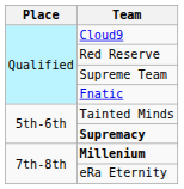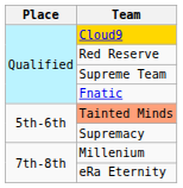 <table class="wikitable" style="text-align:left">
 <tr>
 <th>Place</th>
 <th>Team</th>
 </tr>
 <tr>
 <td style="text-align:center; background:#BBF3FF;" rowspan="4">Qualified</td>
-<td><a href='#'>Cloud9</a></td>
+<td style="background: gold;"><a href='#'>Cloud9</a></td>
 </tr>
 <tr>
 <td>Red Reserve</td>
 </tr>
 <tr>
 <td>Supreme Team</td>
 </tr>
 <tr>
 <td><a href='#'>Fnatic</a></td>
 </tr>
 <tr>
 <td style="text-align:center" rowspan="2">5th-6th</td>
-<td>Tainted Minds</td>
+<td style="background: lightsalmon;">Tainted Minds</td>
 </tr>
 <tr>
-<td><strong>Supremacy</strong></td>
+<td>Supremacy</td>
 </tr>
 <tr>
 <td style="text-align:center" rowspan="2">7th-8th</td>
-<td><strong>Millenium</strong></td>
+<td>Millenium</td>
 </tr>
 <tr>
 <td>eRa Eternity</td>
 </tr>
 </table>
